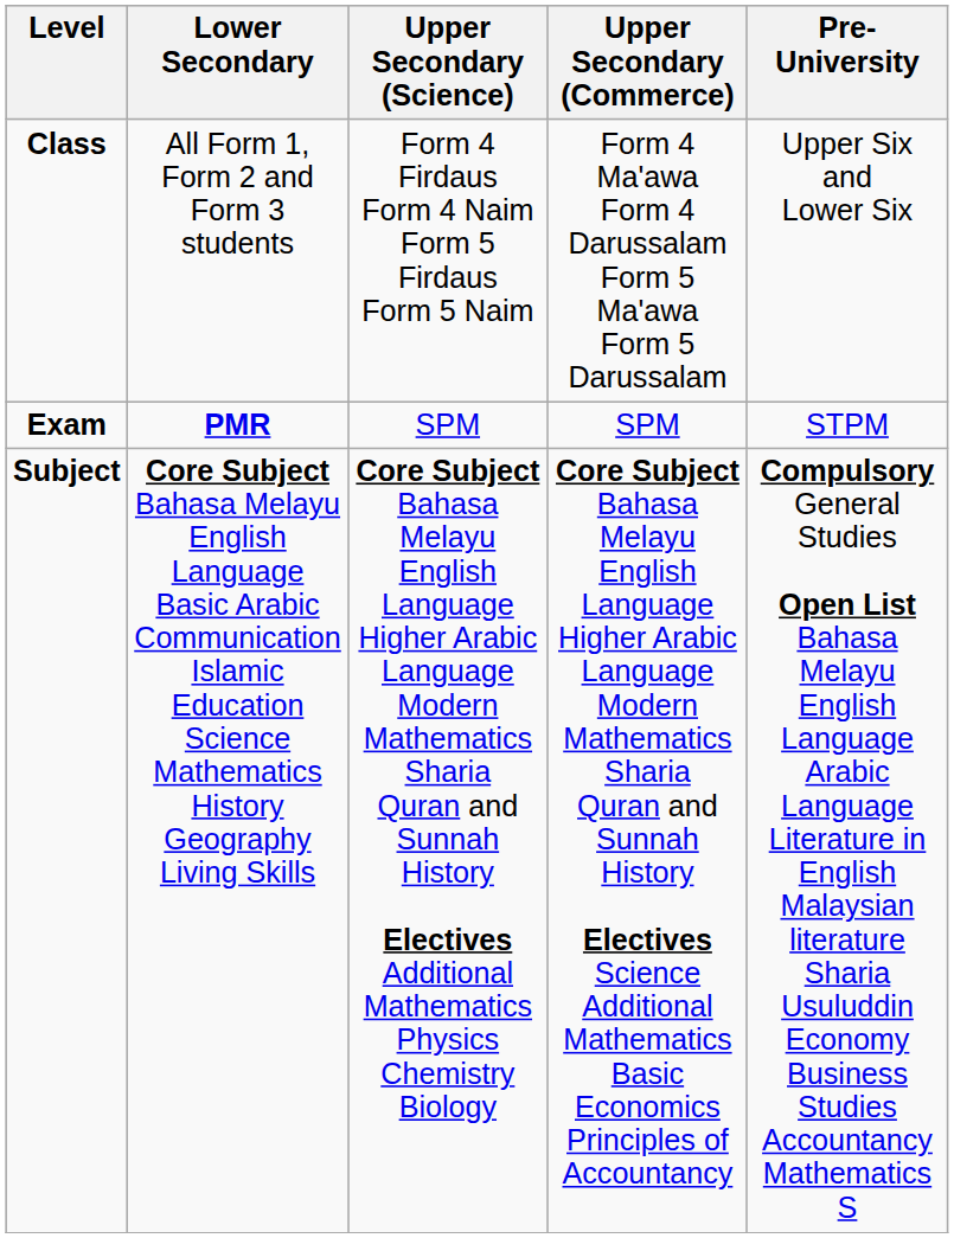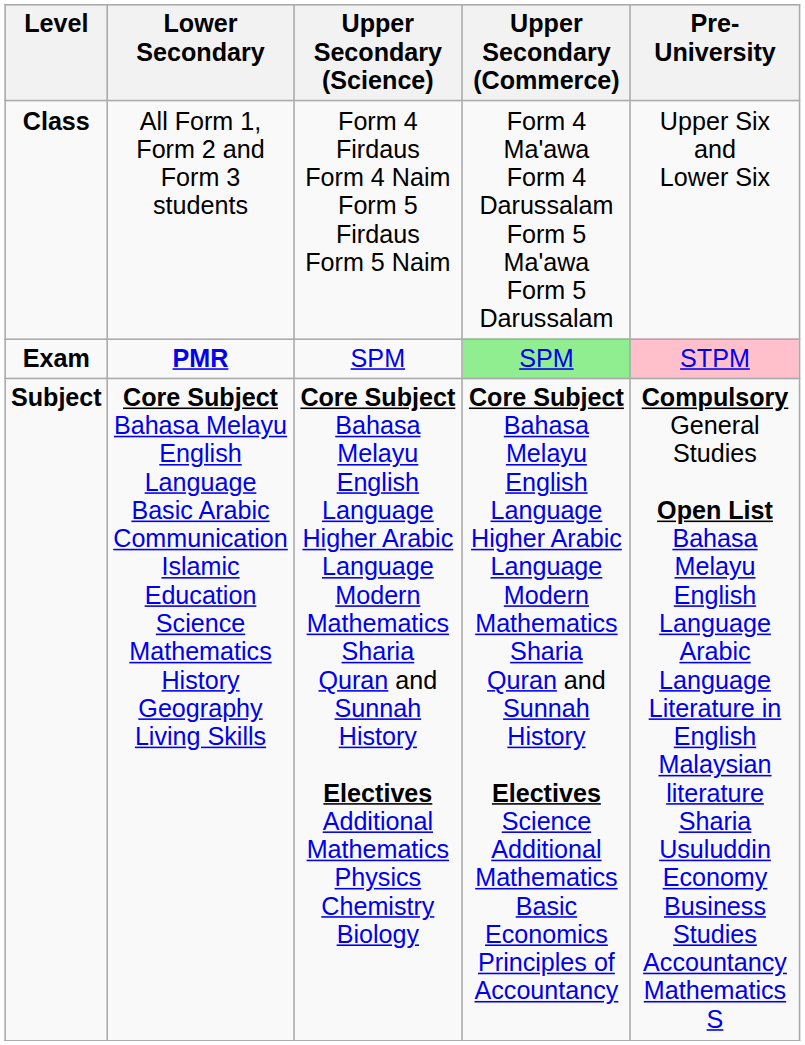 <table class="wikitable" style="margin-left:3em; margin-right:auto; text-align:center">
 <tr valign="top">
 <th scope="col" width="50">Level</th>
 <th scope="col" width="100">Lower Secondary</th>
 <th scope="col" width="100">Upper Secondary (Science)</th>
 <th scope="col" width="100">Upper Secondary (Commerce)</th>
 <th scope="col" width="100">Pre-University</th>
 </tr>
 <tr valign="top">
 <td><strong>Class</strong></td>
 <td>All Form 1,<br>Form 2 and<br>Form 3 students</td>
 <td>Form 4 Firdaus<br>Form 4 Naim<br>Form 5 Firdaus<br>Form 5 Naim<br></td>
 <td>Form 4 Ma'awa<br>Form 4 Darussalam<br>Form 5 Ma'awa<br>Form 5 Darussalam<br></td>
 <td>Upper Six and<br>Lower Six</td>
 </tr>
 <tr valign="top">
 <td><strong>Exam</strong></td>
 <td><strong><a href='#'>PMR</a></strong></td>
 <td><a href='#'>SPM</a></td>
-<td><a href='#'>SPM</a></td>
-<td><a href='#'>STPM</a></td>
+<td style="background: lightgreen;"><a href='#'>SPM</a></td>
+<td style="background: pink;"><a href='#'>STPM</a></td>
 </tr>
 <tr valign="top">
 <td><strong>Subject</strong></td>
 <td><strong><u>Core Subject</u></strong><br><a href='#'>Bahasa Melayu</a><br><a href='#'>English Language</a><br><a href='#'>Basic Arabic Communication</a><br><a href='#'>Islamic Education</a><br><a href='#'>Science</a><br><a href='#'>Mathematics</a><br><a href='#'>History</a><br><a href='#'>Geography</a><br><a href='#'>Living Skills</a></td>
 <td><strong><u>Core Subject</u></strong><br><a href='#'>Bahasa Melayu</a><br><a href='#'>English Language</a><br><a href='#'>Higher Arabic Language</a><br><a href='#'>Modern Mathematics</a><br><a href='#'>Sharia</a><br><a href='#'>Quran</a> and <a href='#'>Sunnah</a><br><a href='#'>History</a><br><br><strong><u>Electives</u></strong><br><a href='#'>Additional Mathematics</a><br><a href='#'>Physics</a><br><a href='#'>Chemistry</a><br><a href='#'>Biology</a><br><br></td>
 <td><strong><u>Core Subject</u></strong><br><a href='#'>Bahasa Melayu</a><br><a href='#'>English Language</a><br><a href='#'>Higher Arabic Language</a><br><a href='#'>Modern Mathematics</a><br><a href='#'>Sharia</a><br><a href='#'>Quran</a> and <a href='#'>Sunnah</a><br><a href='#'>History</a><br><br><strong><u>Electives</u></strong><br><a href='#'>Science</a><br><a href='#'>Additional Mathematics</a><br><a href='#'>Basic Economics</a><br><a href='#'>Principles of Accountancy</a><br><br></td>
 <td><strong><u>Compulsory</u></strong><br>General Studies<br><br><strong><u>Open List</u></strong><br><a href='#'>Bahasa Melayu</a><br><a href='#'>English Language</a><br><a href='#'>Arabic Language</a><br><a href='#'>Literature in English</a><br><a href='#'>Malaysian literature</a><br><a href='#'>Sharia</a><br><a href='#'>Usuluddin</a><br><a href='#'>Economy</a><br><a href='#'>Business Studies</a><br><a href='#'>Accountancy</a><br><a href='#'> Mathematics S</a></td>
 </tr>
 <tr valign="top">
 </tr>
 </table>
